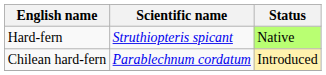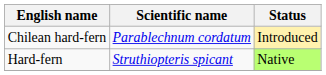 <table class="wikitable" |>
 <tr>
 <th>English name</th>
 <th>Scientific name</th>
 <th>Status</th>
 </tr>
 <tr>
+<td>Chilean hard-fern</td>
+<td><em><a href='#'>Parablechnum cordatum</a></em></td>
+<td style="background: #FFF2AE; text-align: ">Introduced</td>
+</tr>
+<tr>
 <td>Hard-fern</td>
 <td><em><a href='#'>Struthiopteris spicant</a></em></td>
 <td style="background: #B9FF72; text-align: ">Native</td>
 </tr>
 <tr>
-<td>Chilean hard-fern</td>
-<td><em><a href='#'>Parablechnum cordatum</a></em></td>
-<td style="background: #FFF2AE; text-align: ">Introduced</td>
-</tr>
-<tr>
 </tr>
 </table>
